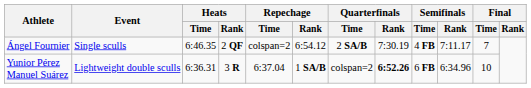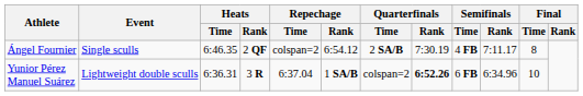 <table class="wikitable" style="font-size:90%">
 <tr>
 <th rowspan=2>Athlete</th>
 <th rowspan=2>Event</th>
 <th colspan="2">Heats</th>
 <th colspan="2">Repechage</th>
 <th colspan=2>Quarterfinals</th>
 <th colspan="2">Semifinals</th>
 <th colspan="2">Final</th>
 </tr>
 <tr style="font-size:95%">
 <th>Time</th>
 <th>Rank</th>
 <th>Time</th>
 <th>Rank</th>
 <th>Time</th>
 <th>Rank</th>
 <th>Time</th>
 <th>Rank</th>
 <th>Time</th>
 <th>Rank</th>
 </tr>
 <tr align=center>
 <td align=left><a href='#'>Ángel Fournier</a></td>
 <td align=left><a href='#'>Single sculls</a></td>
 <td>6:46.35</td>
 <td>2 <strong>QF</strong></td>
 <td>colspan=2 </td>
 <td>6:54.12</td>
 <td>2 <strong>SA/B</strong></td>
 <td>7:30.19</td>
 <td>4 <strong>FB</strong></td>
 <td>7:11.17</td>
-<td>7</td>
+<td>8</td>
 </tr>
 <tr align=center>
 <td align=left><a href='#'>Yunior Pérez</a><br><a href='#'>Manuel Suárez</a></td>
 <td align=left><a href='#'>Lightweight double sculls</a></td>
 <td>6:36.31</td>
 <td>3 <strong>R</strong></td>
 <td>6:37.04</td>
 <td>1 <strong>SA/B</strong></td>
 <td>colspan=2 </td>
 <td><strong>6:52.26</strong></td>
 <td>6 <strong>FB</strong></td>
 <td>6:34.96</td>
 <td>10</td>
 </tr>
 </table>
